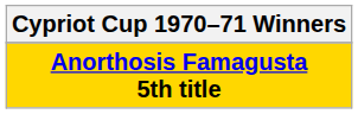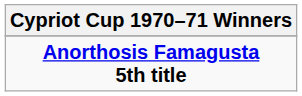 <table class="wikitable" style="text-align:center;margin: 0 auto;">
 <tr>
 <th>Cypriot Cup 1970–71 Winners</th>
 </tr>
 <tr>
 </tr>
 <tr>
-<td style="background: gold;"><strong><a href='#'>Anorthosis Famagusta</a></strong><br><strong>5th title</strong></td>
+<td><strong><a href='#'>Anorthosis Famagusta</a></strong><br><strong>5th title</strong></td>
 </tr>
 </table>
